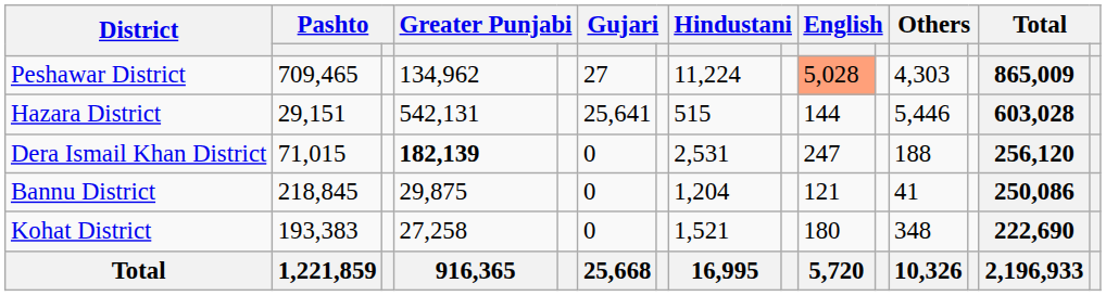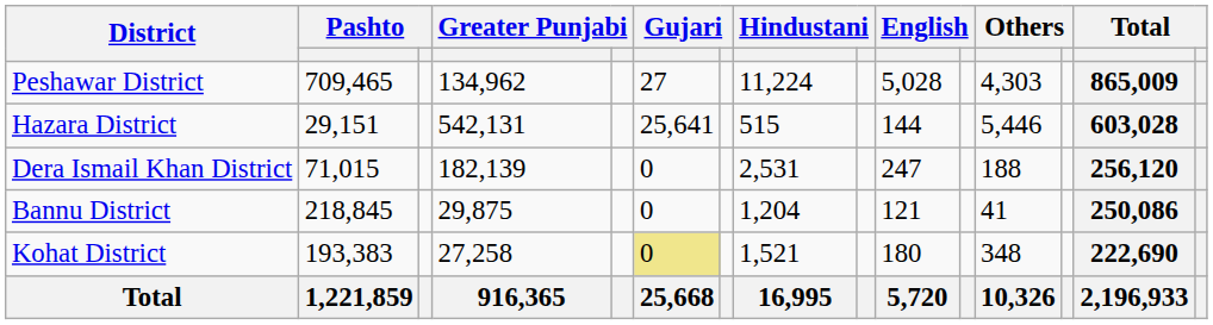 <table class="wikitable sortable">
 <tr>
 <th rowspan="2"><a href='#'>District</a></th>
 <th colspan="2"><a href='#'>Pashto</a></th>
 <th colspan="2"><a href='#'>Greater Punjabi</a></th>
 <th colspan="2"><a href='#'>Gujari</a></th>
 <th colspan="2"><a href='#'>Hindustani</a></th>
 <th colspan="2"><a href='#'>English</a></th>
 <th colspan="2">Others</th>
 <th colspan="2">Total</th>
 </tr>
 <tr>
 <th><a href='#'></a></th>
 <th></th>
 <th></th>
 <th></th>
 <th></th>
 <th></th>
 <th></th>
 <th></th>
 <th></th>
 <th></th>
 <th></th>
 <th></th>
 <th></th>
 <th></th>
 </tr>
 <tr>
 <td><a href='#'>Peshawar District</a></td>
 <td>709,465</td>
 <td></td>
 <td>134,962</td>
 <td></td>
 <td>27</td>
 <td></td>
 <td>11,224</td>
 <td></td>
-<td style="background: lightsalmon;">5,028</td>
+<td>5,028</td>
 <td></td>
 <td>4,303</td>
 <td></td>
 <th>865,009</th>
 <th></th>
 </tr>
 <tr>
 <td><a href='#'>Hazara District</a></td>
 <td>29,151</td>
 <td></td>
 <td>542,131</td>
 <td></td>
 <td>25,641</td>
 <td></td>
 <td>515</td>
 <td></td>
 <td>144</td>
 <td></td>
 <td>5,446</td>
 <td></td>
 <th>603,028</th>
 <th></th>
 </tr>
 <tr>
 <td><a href='#'>Dera Ismail Khan District</a></td>
 <td>71,015</td>
 <td></td>
-<td><strong>182,139</strong></td>
+<td>182,139</td>
 <td></td>
 <td>0</td>
 <td></td>
 <td>2,531</td>
 <td></td>
 <td>247</td>
 <td></td>
 <td>188</td>
 <td></td>
 <th>256,120</th>
 <th></th>
 </tr>
 <tr>
 <td><a href='#'>Bannu District</a></td>
 <td>218,845</td>
 <td></td>
 <td>29,875</td>
 <td></td>
 <td>0</td>
 <td></td>
 <td>1,204</td>
 <td></td>
 <td>121</td>
 <td></td>
 <td>41</td>
 <td></td>
 <th>250,086</th>
 <th></th>
 </tr>
 <tr>
 <td><a href='#'>Kohat District</a></td>
 <td>193,383</td>
 <td></td>
 <td>27,258</td>
 <td></td>
-<td>0</td>
+<td style="background: khaki;">0</td>
 <td></td>
 <td>1,521</td>
 <td></td>
 <td>180</td>
 <td></td>
 <td>348</td>
 <td></td>
 <th>222,690</th>
 <th></th>
 </tr>
 <tr>
 <th>Total</th>
 <th>1,221,859</th>
 <th></th>
 <th>916,365</th>
 <th></th>
 <th>25,668</th>
 <th></th>
 <th>16,995</th>
 <th></th>
 <th>5,720</th>
 <th></th>
 <th>10,326</th>
 <th></th>
 <th>2,196,933</th>
 <th></th>
 </tr>
 </table>
